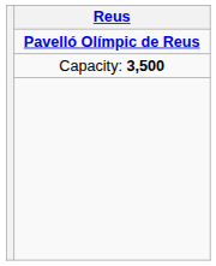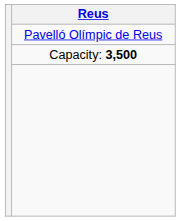 <table class="wikitable" style="text-align:center; margin-left:auto; margin-right:auto; border:none;">
 <tr>
 <th rowspan="4"></th>
 <th scope="col" style="width: 200px;"><a href='#'>Reus</a></th>
 </tr>
 <tr>
-<td><strong><a href='#'>Pavelló Olímpic de Reus</a></strong></td>
+<td><a href='#'>Pavelló Olímpic de Reus</a></td>
 </tr>
 <tr>
 <td>Capacity: <strong>3,500</strong></td>
 </tr>
 <tr style="height: 12em;">
 <td></td>
 </tr>
 </table>
